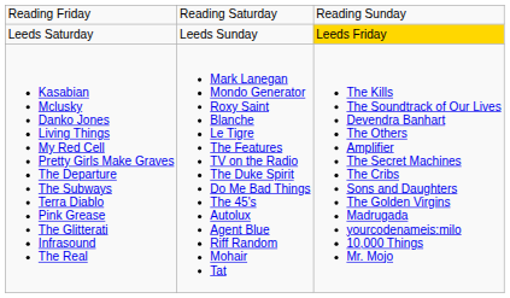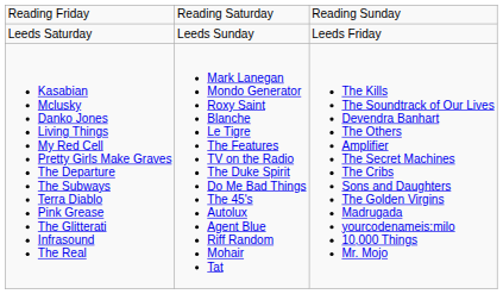 <table class="wikitable">
 <tr>
 <td>Reading Friday</td>
 <td>Reading Saturday</td>
 <td>Reading Sunday</td>
 </tr>
 <tr>
 <td>Leeds Saturday</td>
 <td>Leeds Sunday</td>
-<td style="background: gold;">Leeds Friday</td>
+<td>Leeds Friday</td>
 </tr>
 <tr>
 <td><br><ul><li><a href='#'>Kasabian</a></li><li><a href='#'>Mclusky</a></li><li><a href='#'>Danko Jones</a></li><li><a href='#'>Living Things</a></li><li><a href='#'>My Red Cell</a></li><li><a href='#'>Pretty Girls Make Graves</a></li><li><a href='#'>The Departure</a></li><li><a href='#'>The Subways</a></li><li><a href='#'>Terra Diablo</a></li><li><a href='#'>Pink Grease</a></li><li><a href='#'>The Glitterati</a></li><li><a href='#'>Infrasound</a></li><li><a href='#'>The Real</a></li></ul></td>
 <td><br><ul><li><a href='#'>Mark Lanegan</a></li><li><a href='#'>Mondo Generator</a></li><li><a href='#'>Roxy Saint</a></li><li><a href='#'>Blanche</a></li><li><a href='#'>Le Tigre</a></li><li><a href='#'>The Features</a></li><li><a href='#'>TV on the Radio</a></li><li><a href='#'>The Duke Spirit</a></li><li><a href='#'>Do Me Bad Things</a></li><li><a href='#'>The 45's</a></li><li><a href='#'>Autolux</a></li><li><a href='#'>Agent Blue</a></li><li><a href='#'>Riff Random</a></li><li><a href='#'>Mohair</a></li><li><a href='#'>Tat</a></li></ul></td>
 <td><br><ul><li><a href='#'>The Kills</a></li><li><a href='#'>The Soundtrack of Our Lives</a></li><li><a href='#'>Devendra Banhart</a></li><li><a href='#'>The Others</a></li><li><a href='#'>Amplifier</a></li><li><a href='#'>The Secret Machines</a></li><li><a href='#'>The Cribs</a></li><li><a href='#'>Sons and Daughters</a></li><li><a href='#'>The Golden Virgins</a></li><li><a href='#'>Madrugada</a></li><li><a href='#'>yourcodenameis:milo</a></li><li><a href='#'>10,000 Things</a></li><li><a href='#'>Mr. Mojo</a></li></ul></td>
 </tr>
 </table>
